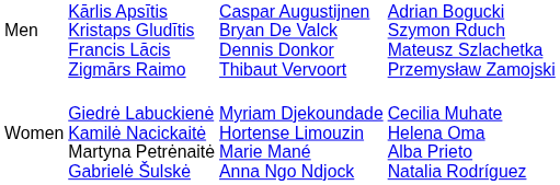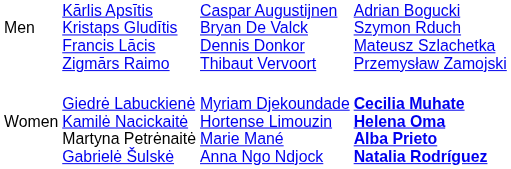 <table>
 <tr>
 <td>Men<br></td>
 <td><br><a href='#'>Kārlis Apsītis</a><br><a href='#'>Kristaps Gludītis</a><br><a href='#'>Francis Lācis</a><br><a href='#'>Zigmārs Raimo</a></td>
 <td><br><a href='#'>Caspar Augustijnen</a><br><a href='#'>Bryan De Valck</a><br><a href='#'>Dennis Donkor</a><br><a href='#'>Thibaut Vervoort</a></td>
 <td><br><a href='#'>Adrian Bogucki</a><br><a href='#'>Szymon Rduch</a><br><a href='#'>Mateusz Szlachetka</a><br><a href='#'>Przemysław Zamojski</a></td>
 </tr>
 <tr>
 <td>Women<br></td>
 <td><br><a href='#'>Giedrė Labuckienė</a><br><a href='#'>Kamilė Nacickaitė</a><br>Martyna Petrėnaitė<br><a href='#'>Gabrielė Šulskė</a></td>
 <td><br><a href='#'>Myriam Djekoundade</a><br><a href='#'>Hortense Limouzin</a><br><a href='#'>Marie Mané</a><br><a href='#'>Anna Ngo Ndjock</a></td>
-<td><br><a href='#'>Cecilia Muhate</a><br><a href='#'>Helena Oma</a><br><a href='#'>Alba Prieto</a><br><a href='#'>Natalia Rodríguez</a></td>
+<td><strong><br><a href='#'>Cecilia Muhate</a><br><a href='#'>Helena Oma</a><br><a href='#'>Alba Prieto</a><br><a href='#'>Natalia Rodríguez</a></strong></td>
 </tr>
 </table>
